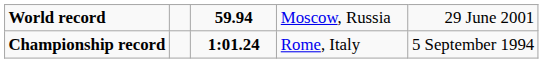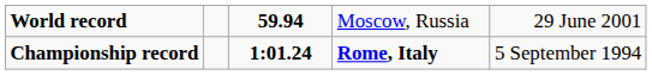 <table class="wikitable">
 <tr>
 <td><strong>World record</strong></td>
 <td style="padding-right:1em"></td>
 <td style="text-align:center;padding-left:1em; padding-right:1em;"><strong>59.94</strong></td>
 <td style="padding-right:1em"><a href='#'>Moscow</a>, Russia</td>
 <td align=right>29 June 2001</td>
 </tr>
 <tr>
 <td><strong>Championship record</strong></td>
 <td style="padding-right:1em"></td>
 <td style="text-align:center;padding-left:1em; padding-right:1em;"><strong>1:01.24</strong></td>
-<td style="padding-right:1em"><a href='#'>Rome</a>, Italy</td>
+<td style="padding-right:1em"><strong><a href='#'>Rome</a>, Italy</strong></td>
 <td align=right>5 September 1994</td>
 </tr>
 </table>
